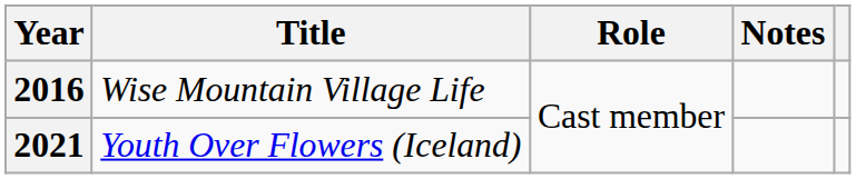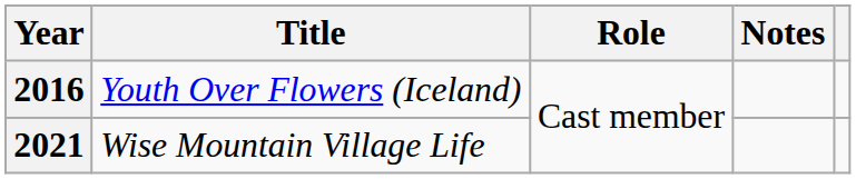 <table class="wikitable plainrowheaders sortable">
 <tr>
 <th scope="col">Year</th>
 <th scope="col">Title</th>
 <th scope="col">Role</th>
 <th scope="col" class="unsortable">Notes</th>
 <th scope="col" class="unsortable"></th>
 </tr>
 <tr>
 <th scope="row">2016</th>
-<td><em>Wise Mountain Village Life</em></td>
+<td><em><a href='#'>Youth Over Flowers</a> (Iceland)</em></td>
 <td rowspan="2">Cast member</td>
 <td></td>
 <td style="text-align:center"></td>
 </tr>
 <tr>
 <th scope="row">2021</th>
-<td><em><a href='#'>Youth Over Flowers</a> (Iceland)</em></td>
+<td><em>Wise Mountain Village Life</em></td>
 <td></td>
 <td style="text-align:center"></td>
 </tr>
 </table>
